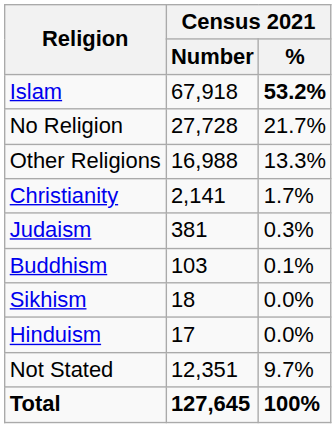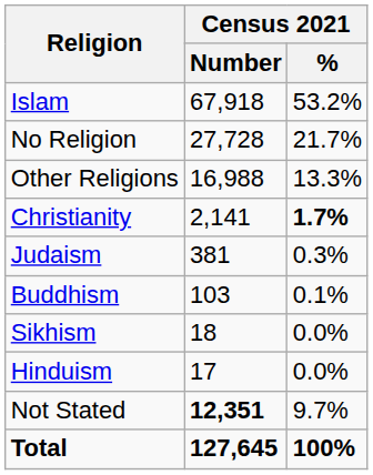 <table class="wikitable">
 <tr>
 <th rowspan="2">Religion</th>
 <th colspan="2">Census 2021</th>
 </tr>
 <tr>
 <th>Number</th>
 <th>%</th>
 </tr>
 <tr>
 <td> <a href='#'>Islam</a></td>
 <td>67,918</td>
-<td><strong>53.2%</strong></td>
+<td>53.2%</td>
 </tr>
 <tr>
 <td>No Religion</td>
 <td>27,728</td>
 <td>21.7%</td>
 </tr>
 <tr>
 <td>Other Religions</td>
 <td>16,988</td>
 <td>13.3%</td>
 </tr>
 <tr>
 <td> <a href='#'>Christianity</a></td>
 <td>2,141</td>
-<td>1.7%</td>
+<td><strong>1.7%</strong></td>
 </tr>
 <tr>
 <td> <a href='#'>Judaism</a></td>
 <td>381</td>
 <td>0.3%</td>
 </tr>
 <tr>
 <td> <a href='#'>Buddhism</a></td>
 <td>103</td>
 <td>0.1%</td>
 </tr>
 <tr>
 <td> <a href='#'>Sikhism</a></td>
 <td>18</td>
 <td>0.0%</td>
 </tr>
 <tr>
 <td> <a href='#'>Hinduism</a></td>
 <td>17</td>
 <td>0.0%</td>
 </tr>
 <tr>
 <td>Not Stated</td>
-<td>12,351</td>
+<td><strong>12,351</strong></td>
 <td>9.7%</td>
 </tr>
 <tr>
 <td><strong>Total</strong></td>
 <td><strong>127,645</strong></td>
 <td><strong>100%</strong></td>
 </tr>
 </table>
